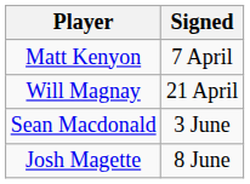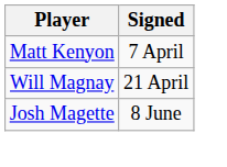 <table class="wikitable sortable sortable" style="text-align: center">
 <tr>
 <th>Player</th>
 <th>Signed</th>
 </tr>
 <tr>
 <td><a href='#'>Matt Kenyon</a></td>
 <td>7 April</td>
 </tr>
 <tr>
 <td><a href='#'>Will Magnay</a></td>
 <td>21 April</td>
 </tr>
 <tr>
-<td><a href='#'>Sean Macdonald</a></td>
-<td>3 June</td>
-</tr>
-<tr>
 <td><a href='#'>Josh Magette</a></td>
 <td>8 June</td>
 </tr>
 </table>
